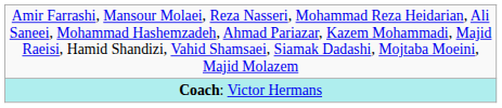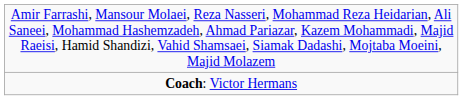 <table class="wikitable" style="text-align:center; width:33em; margin:0.5em auto;">
 <tr>
 <td><a href='#'>Amir Farrashi</a>, <a href='#'>Mansour Molaei</a>, <a href='#'>Reza Nasseri</a>, <a href='#'>Mohammad Reza Heidarian</a>, <a href='#'>Ali Saneei</a>, <a href='#'>Mohammad Hashemzadeh</a>, <a href='#'>Ahmad Pariazar</a>, <a href='#'>Kazem Mohammadi</a>, <a href='#'>Majid Raeisi</a>, Hamid Shandizi, <a href='#'>Vahid Shamsaei</a>, <a href='#'>Siamak Dadashi</a>, <a href='#'>Mojtaba Moeini</a>, <a href='#'>Majid Molazem</a></td>
 </tr>
 <tr>
-<td style="background: paleturquoise;"><strong>Coach</strong>:  <a href='#'>Victor Hermans</a></td>
+<td><strong>Coach</strong>:  <a href='#'>Victor Hermans</a></td>
 </tr>
 </table>
